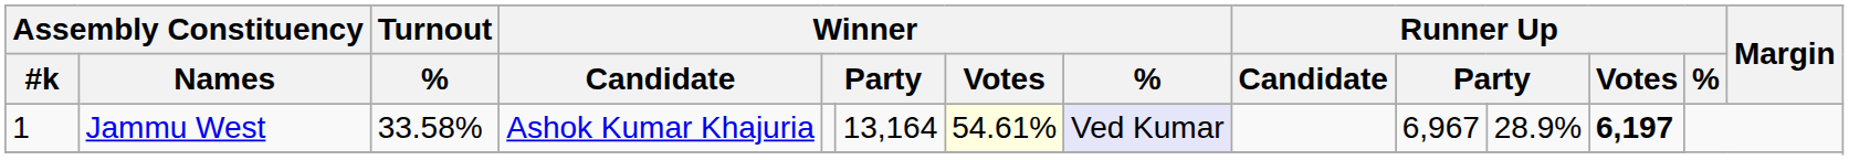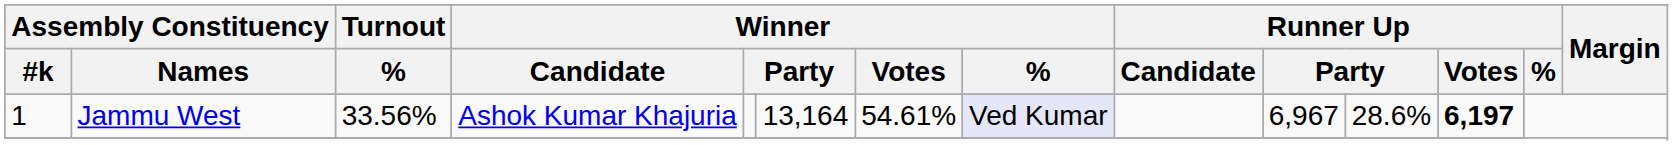 <table class="wikitable sortable">
 <tr>
 <th colspan="2">Assembly Constituency</th>
 <th>Turnout</th>
 <th colspan="5">Winner</th>
 <th colspan="5">Runner Up</th>
 <th rowspan="2" data-sort-type=number>Margin</th>
 </tr>
 <tr>
 <th>#k</th>
 <th>Names</th>
 <th>%</th>
 <th>Candidate</th>
 <th colspan="2">Party</th>
 <th data-sort-type=number>Votes</th>
 <th>%</th>
 <th>Candidate</th>
 <th colspan="2">Party</th>
 <th data-sort-type=number>Votes</th>
 <th>%</th>
 </tr>
 <tr>
 <td>1</td>
 <td><a href='#'>Jammu West</a></td>
-<td>33.58%</td>
+<td>33.56%</td>
 <td><a href='#'>Ashok Kumar Khajuria</a></td>
 <td></td>
 <td>13,164</td>
-<td style="background: lightyellow;">54.61%</td>
+<td>54.61%</td>
 <td style="background: lavender;">Ved Kumar</td>
 <td></td>
 <td>6,967</td>
-<td>28.9%</td>
+<td>28.6%</td>
 <td style="background:"><span><strong>6,197</strong></span></td>
 </tr>
 <tr>
 </tr>
 </table>
